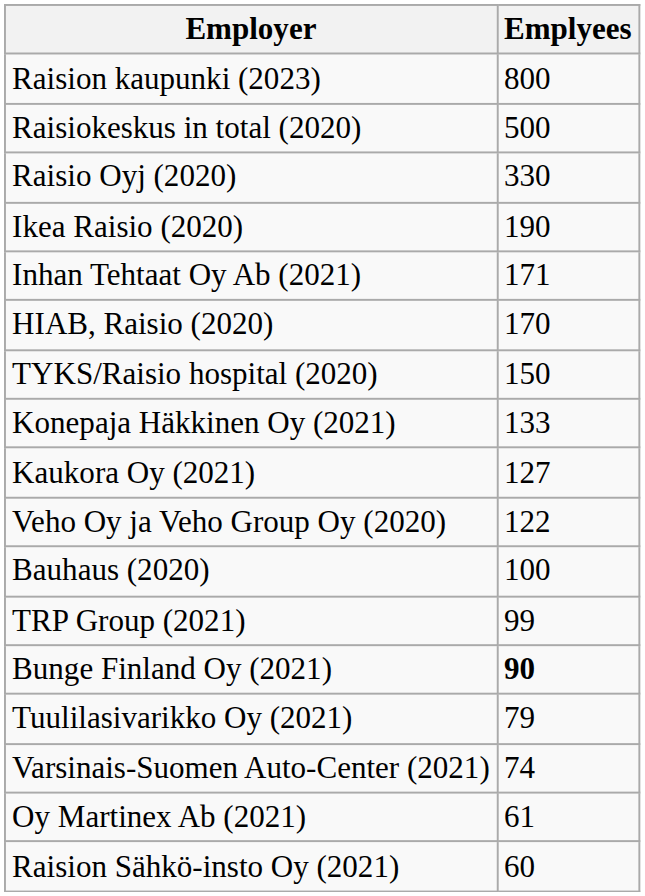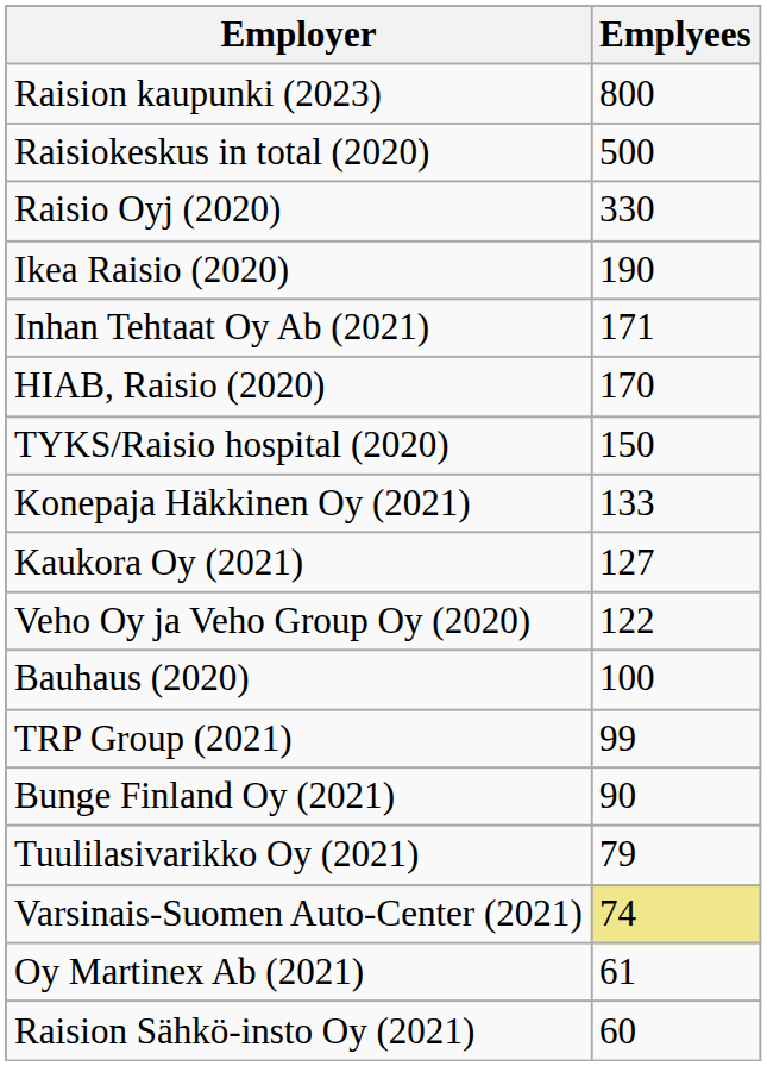 <table class="wikitable">
 <tr>
 <th>Employer</th>
 <th>Emplyees</th>
 </tr>
 <tr>
 <td>Raision kaupunki (2023)</td>
 <td>800</td>
 </tr>
 <tr>
 <td>Raisiokeskus in total (2020)</td>
 <td>500</td>
 </tr>
 <tr>
 <td>Raisio Oyj (2020)</td>
 <td>330</td>
 </tr>
 <tr>
 <td>Ikea Raisio (2020)</td>
 <td>190</td>
 </tr>
 <tr>
 <td>Inhan Tehtaat Oy Ab (2021)</td>
 <td>171</td>
 </tr>
 <tr>
 <td>HIAB, Raisio (2020)</td>
 <td>170</td>
 </tr>
 <tr>
 <td>TYKS/Raisio hospital (2020)</td>
 <td>150</td>
 </tr>
 <tr>
 <td>Konepaja Häkkinen Oy (2021)</td>
 <td>133</td>
 </tr>
 <tr>
 <td>Kaukora Oy (2021)</td>
 <td>127</td>
 </tr>
 <tr>
 <td>Veho Oy ja Veho Group Oy (2020)</td>
 <td>122</td>
 </tr>
 <tr>
 <td>Bauhaus (2020)</td>
 <td>100</td>
 </tr>
 <tr>
 <td>TRP Group (2021)</td>
 <td>99</td>
 </tr>
 <tr>
 <td>Bunge Finland Oy (2021)</td>
-<td><strong>90</strong></td>
+<td>90</td>
 </tr>
 <tr>
 <td>Tuulilasivarikko Oy (2021)</td>
 <td>79</td>
 </tr>
 <tr>
 <td>Varsinais-Suomen Auto-Center (2021)</td>
-<td>74</td>
+<td style="background: khaki;">74</td>
 </tr>
 <tr>
 <td>Oy Martinex Ab (2021)</td>
 <td>61</td>
 </tr>
 <tr>
 <td>Raision Sähkö-insto Oy (2021)</td>
 <td>60</td>
 </tr>
 </table>
